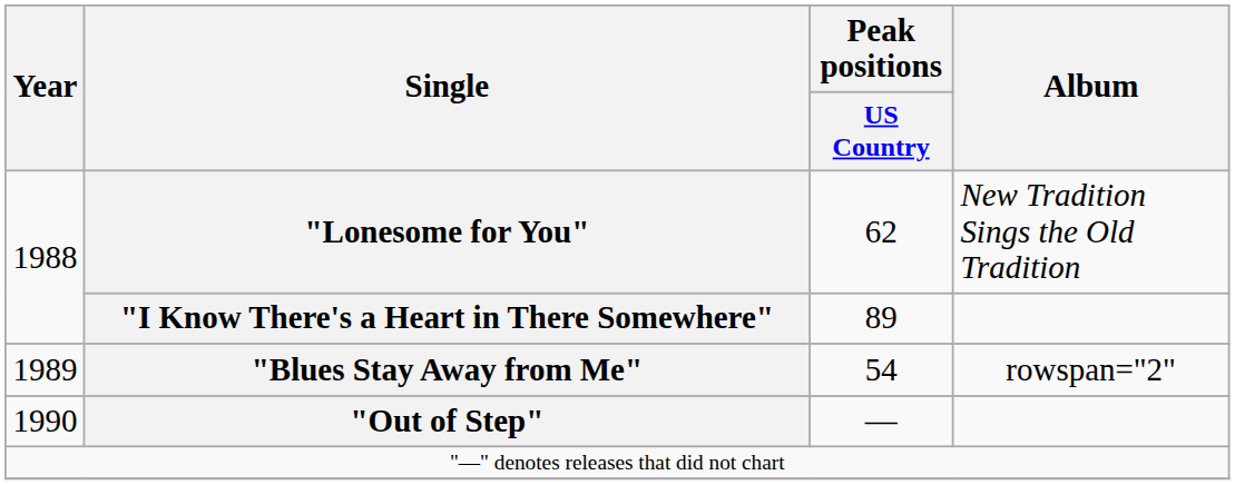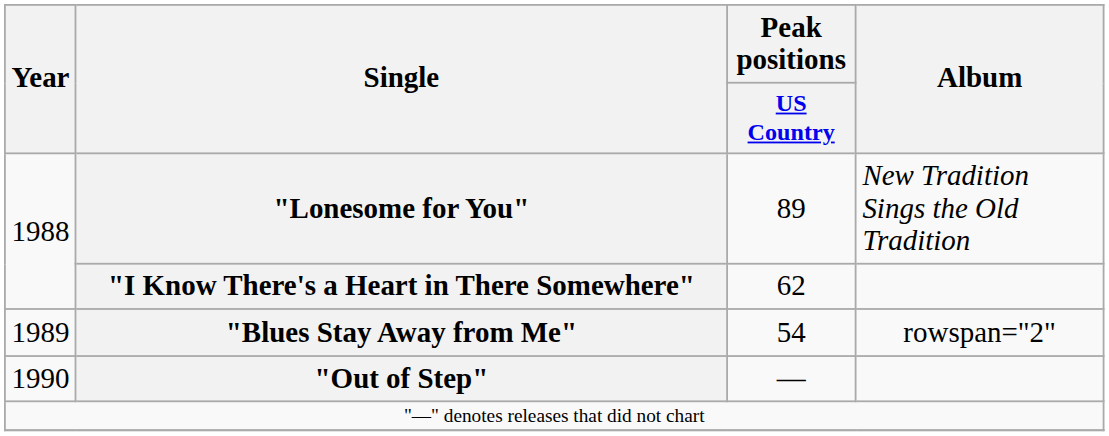 <table class="wikitable plainrowheaders" style="text-align:center;">
 <tr>
 <th rowspan="2">Year</th>
 <th rowspan="2" style="width:22em;">Single</th>
 <th>Peak positions</th>
 <th rowspan="2">Album</th>
 </tr>
 <tr style="font-size:smaller;">
 <th width="65"><a href='#'>US Country</a></th>
 </tr>
 <tr>
 <td rowspan="2">1988</td>
 <th scope="row">"Lonesome for You"</th>
-<td>62</td>
+<td>89</td>
 <td align="left"><em>New Tradition Sings the Old Tradition</em></td>
 </tr>
 <tr>
 <th scope="row">"I Know There's a Heart in There Somewhere"</th>
-<td>89</td>
+<td>62</td>
 </tr>
 <tr>
 <td>1989</td>
 <th scope="row">"Blues Stay Away from Me"</th>
 <td>54</td>
 <td>rowspan="2" </td>
 </tr>
 <tr>
 <td>1990</td>
 <th scope="row">"Out of Step"</th>
 <td>—</td>
 <td></td>
 </tr>
 <tr>
 <td colspan="4" style="font-size:8pt">"—" denotes releases that did not chart</td>
 </tr>
 <tr>
 </tr>
 </table>
